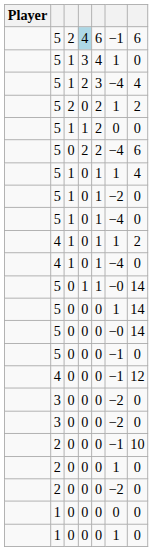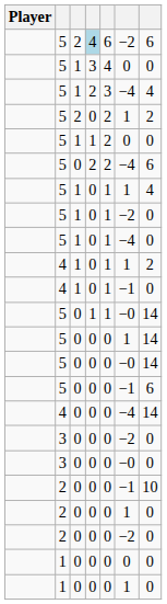 <table class="wikitable sortable" style="text-align:center;">
 <tr>
 <th>Player</th>
 <th></th>
 <th></th>
 <th></th>
 <th></th>
 <th data-sort-type="number"></th>
 <th></th>
 </tr>
 <tr>
 <td style="text-align:left;"></td>
 <td>5</td>
 <td>2</td>
 <td style="background: lightblue;">4</td>
 <td>6</td>
-<td>−1</td>
+<td>−2</td>
 <td>6</td>
 </tr>
 <tr>
 <td style="text-align:left;"></td>
 <td>5</td>
 <td>1</td>
 <td>3</td>
 <td>4</td>
-<td>1</td>
+<td>0</td>
 <td>0</td>
 </tr>
 <tr>
 <td style="text-align:left;"></td>
 <td>5</td>
 <td>1</td>
 <td>2</td>
 <td>3</td>
 <td>−4</td>
 <td>4</td>
 </tr>
 <tr>
 <td style="text-align:left;"></td>
 <td>5</td>
 <td>2</td>
 <td>0</td>
 <td>2</td>
 <td>1</td>
 <td>2</td>
 </tr>
 <tr>
 <td style="text-align:left;"></td>
 <td>5</td>
 <td>1</td>
 <td>1</td>
 <td>2</td>
 <td>0</td>
 <td>0</td>
 </tr>
 <tr>
 <td style="text-align:left;"></td>
 <td>5</td>
 <td>0</td>
 <td>2</td>
 <td>2</td>
 <td>−4</td>
 <td>6</td>
 </tr>
 <tr>
 <td style="text-align:left;"></td>
 <td>5</td>
 <td>1</td>
 <td>0</td>
 <td>1</td>
 <td>1</td>
 <td>4</td>
 </tr>
 <tr>
 <td style="text-align:left;"></td>
 <td>5</td>
 <td>1</td>
 <td>0</td>
 <td>1</td>
 <td>−2</td>
 <td>0</td>
 </tr>
 <tr>
 <td style="text-align:left;"></td>
 <td>5</td>
 <td>1</td>
 <td>0</td>
 <td>1</td>
 <td>−4</td>
 <td>0</td>
 </tr>
 <tr>
 <td style="text-align:left;"></td>
 <td>4</td>
 <td>1</td>
 <td>0</td>
 <td>1</td>
 <td>1</td>
 <td>2</td>
 </tr>
 <tr>
 <td style="text-align:left;"></td>
 <td>4</td>
 <td>1</td>
 <td>0</td>
 <td>1</td>
-<td>−4</td>
+<td>−1</td>
 <td>0</td>
 </tr>
 <tr>
 <td style="text-align:left;"></td>
 <td>5</td>
 <td>0</td>
 <td>1</td>
 <td>1</td>
 <td>−0</td>
 <td>14</td>
 </tr>
 <tr>
 <td style="text-align:left;"></td>
 <td>5</td>
 <td>0</td>
 <td>0</td>
 <td>0</td>
 <td>1</td>
 <td>14</td>
 </tr>
 <tr>
 <td style="text-align:left;"></td>
 <td>5</td>
 <td>0</td>
 <td>0</td>
 <td>0</td>
 <td>−0</td>
 <td>14</td>
 </tr>
 <tr>
 <td style="text-align:left;"></td>
 <td>5</td>
 <td>0</td>
 <td>0</td>
 <td>0</td>
 <td>−1</td>
-<td>0</td>
+<td>6</td>
 </tr>
 <tr>
 <td style="text-align:left;"></td>
 <td>4</td>
 <td>0</td>
 <td>0</td>
 <td>0</td>
-<td>−1</td>
-<td>12</td>
+<td>−4</td>
+<td>14</td>
 </tr>
 <tr>
 <td style="text-align:left;"></td>
 <td>3</td>
 <td>0</td>
 <td>0</td>
 <td>0</td>
 <td>−2</td>
 <td>0</td>
 </tr>
 <tr>
 <td style="text-align:left;"></td>
 <td>3</td>
 <td>0</td>
 <td>0</td>
 <td>0</td>
-<td>−2</td>
+<td>−0</td>
 <td>0</td>
 </tr>
 <tr>
 <td style="text-align:left;"></td>
 <td>2</td>
 <td>0</td>
 <td>0</td>
 <td>0</td>
 <td>−1</td>
 <td>10</td>
 </tr>
 <tr>
 <td style="text-align:left;"></td>
 <td>2</td>
 <td>0</td>
 <td>0</td>
 <td>0</td>
 <td>1</td>
 <td>0</td>
 </tr>
 <tr>
 <td style="text-align:left;"></td>
 <td>2</td>
 <td>0</td>
 <td>0</td>
 <td>0</td>
 <td>−2</td>
 <td>0</td>
 </tr>
 <tr>
 <td style="text-align:left;"></td>
 <td>1</td>
 <td>0</td>
 <td>0</td>
 <td>0</td>
 <td>0</td>
 <td>0</td>
 </tr>
 <tr>
 <td style="text-align:left;"></td>
 <td>1</td>
 <td>0</td>
 <td>0</td>
 <td>0</td>
 <td>1</td>
 <td>0</td>
 </tr>
 </table>
